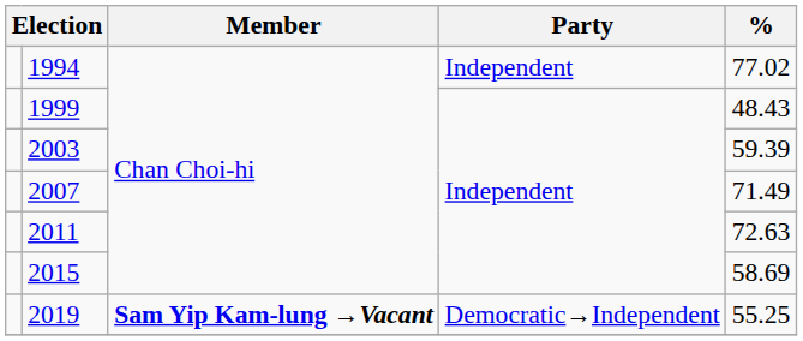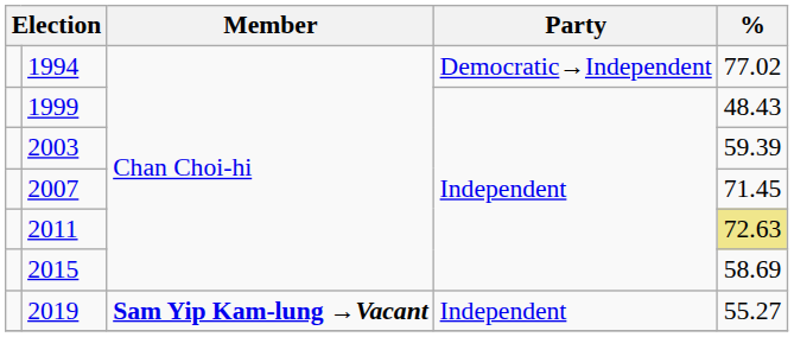 <table class="wikitable">
 <tr>
 <th colspan="2">Election</th>
 <th>Member</th>
 <th>Party</th>
 <th>%</th>
 </tr>
 <tr>
 <td style="background-color: "></td>
 <td><a href='#'>1994</a></td>
 <td rowspan=6><a href='#'>Chan Choi-hi</a></td>
-<td><a href='#'>Independent</a></td>
+<td><a href='#'>Democratic</a>→<a href='#'>Independent</a></td>
 <td>77.02</td>
 </tr>
 <tr>
 <td style="background-color: "></td>
 <td><a href='#'>1999</a></td>
 <td rowspan=5><a href='#'>Independent</a></td>
 <td>48.43</td>
 </tr>
 <tr>
 <td style="background-color: "></td>
 <td><a href='#'>2003</a></td>
 <td>59.39</td>
 </tr>
 <tr>
 <td style="background-color: "></td>
 <td><a href='#'>2007</a></td>
-<td>71.49</td>
+<td>71.45</td>
 </tr>
 <tr>
 <td style="background-color: "></td>
 <td><a href='#'>2011</a></td>
-<td>72.63</td>
+<td style="background: khaki;">72.63</td>
 </tr>
 <tr>
 <td style="background-color: "></td>
 <td><a href='#'>2015</a></td>
 <td>58.69</td>
 </tr>
 <tr>
 <td style="background-color: "></td>
 <td><a href='#'>2019</a></td>
 <td><strong><a href='#'>Sam Yip Kam-lung</a> →<em>Vacant</em></strong></td>
-<td><a href='#'>Democratic</a>→<a href='#'>Independent</a></td>
-<td>55.25</td>
+<td><a href='#'>Independent</a></td>
+<td>55.27</td>
 </tr>
 <tr>
 </tr>
 </table>
